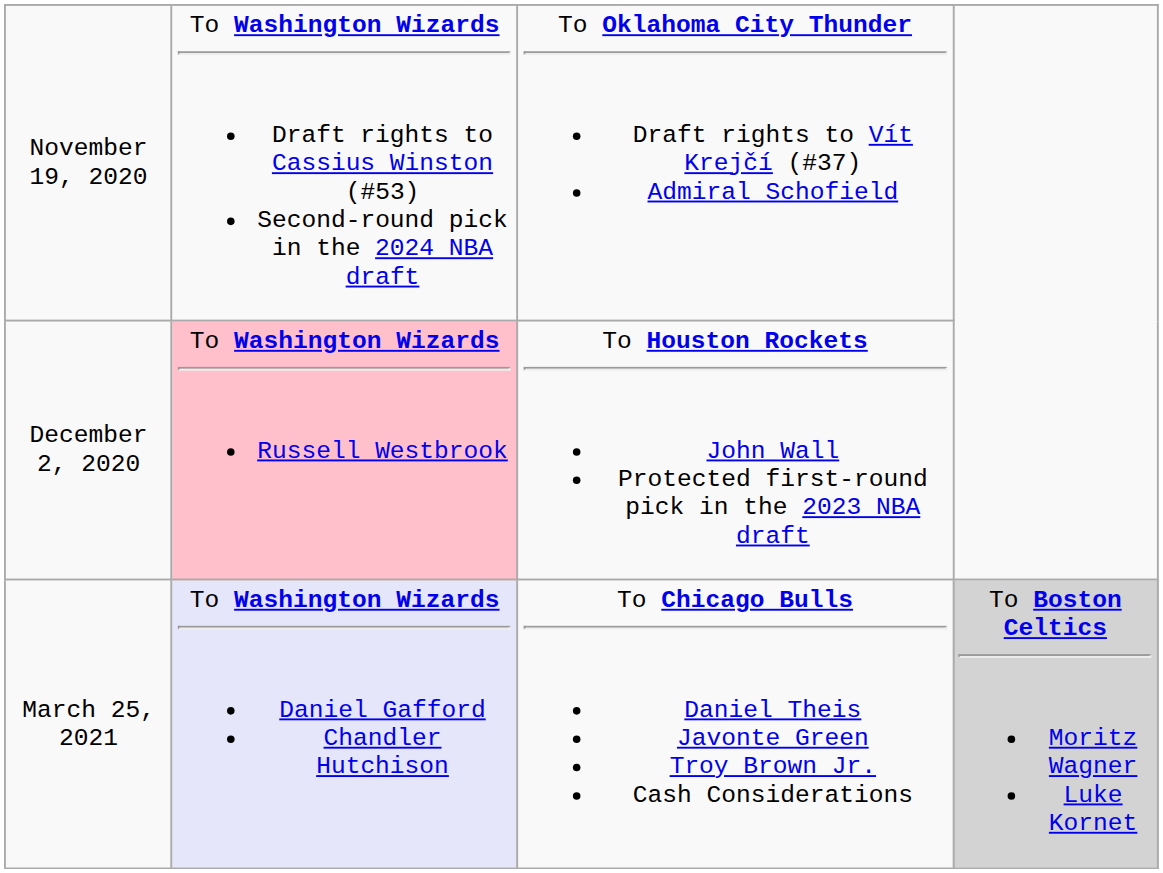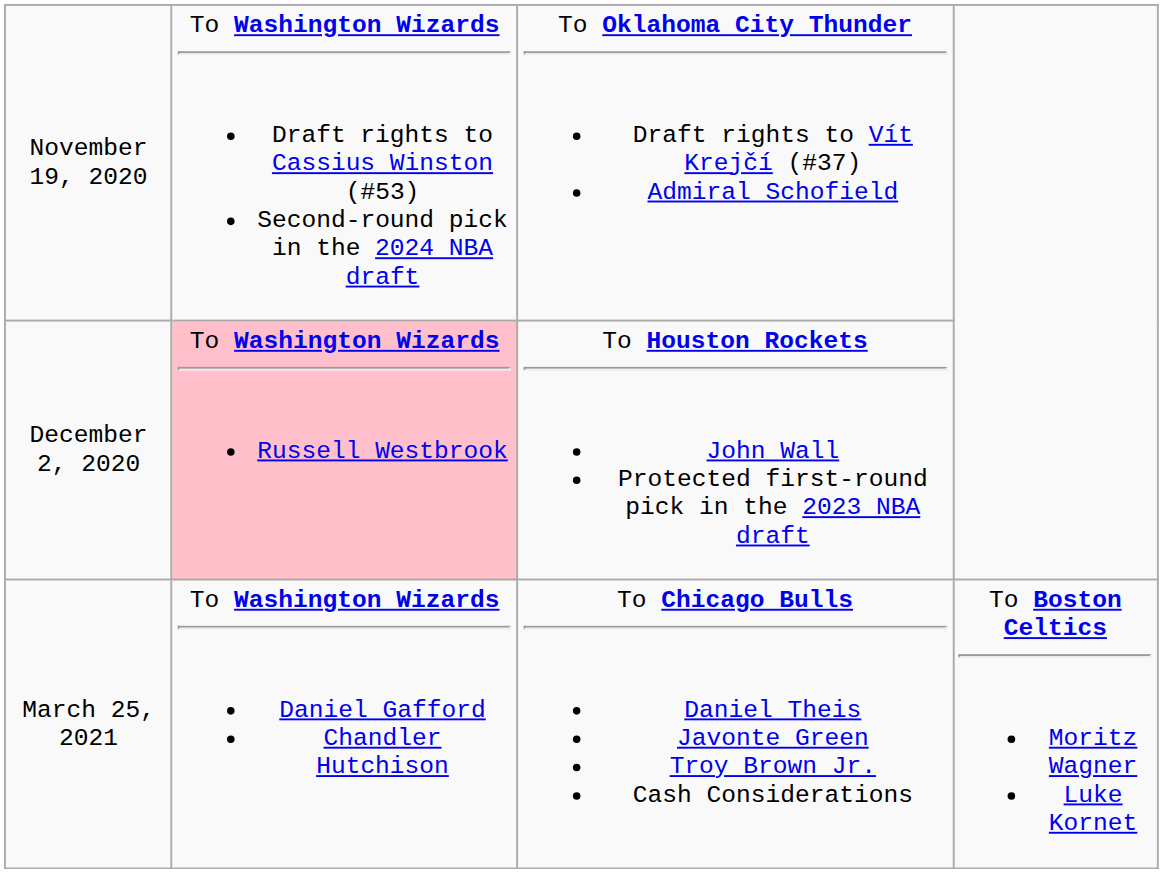 <table class="wikitable" style="text-align:center" border="1" cellpadding="5">
 <tr>
 <td>November 19, 2020</td>
 <td style="vertical-align:top;">To <strong><a href='#'>Washington Wizards</a></strong><hr><br><ul><li>Draft rights to <a href='#'>Cassius Winston</a> (#53)</li><li>Second-round pick in the <a href='#'>2024 NBA draft</a></li></ul></td>
 <td style="vertical-align:top;">To <strong><a href='#'>Oklahoma City Thunder</a></strong><hr><br><ul><li>Draft rights to <a href='#'>Vít Krejčí</a> (#37)</li><li><a href='#'>Admiral Schofield</a></li></ul></td>
 </tr>
 <tr>
 <td>December 2, 2020</td>
 <td style="background: pink; vertical-align:top;">To <strong><a href='#'>Washington Wizards</a></strong><hr><br><ul><li><a href='#'>Russell Westbrook</a></li></ul></td>
 <td style="vertical-align:top;">To <strong><a href='#'>Houston Rockets</a></strong><hr><br><ul><li><a href='#'>John Wall</a></li><li>Protected first-round pick in the <a href='#'>2023 NBA draft</a></li></ul></td>
 </tr>
 <tr>
 <td>March 25, 2021</td>
-<td style="background: lavender; vertical-align:top;">To <strong><a href='#'>Washington Wizards</a></strong><hr><br><ul><li><a href='#'>Daniel Gafford</a></li><li><a href='#'>Chandler Hutchison</a></li></ul></td>
+<td style="vertical-align:top;">To <strong><a href='#'>Washington Wizards</a></strong><hr><br><ul><li><a href='#'>Daniel Gafford</a></li><li><a href='#'>Chandler Hutchison</a></li></ul></td>
 <td style="vertical-align:top;">To <strong><a href='#'>Chicago Bulls</a></strong><hr><br><ul><li><a href='#'>Daniel Theis</a></li><li><a href='#'>Javonte Green</a></li><li><a href='#'>Troy Brown Jr.</a></li><li>Cash Considerations</li></ul></td>
-<td style="background: lightgrey; vertical-align:top;">To <strong><a href='#'>Boston Celtics</a></strong><hr><br><ul><li><a href='#'>Moritz Wagner</a></li><li><a href='#'>Luke Kornet</a></li></ul></td>
+<td style="vertical-align:top;">To <strong><a href='#'>Boston Celtics</a></strong><hr><br><ul><li><a href='#'>Moritz Wagner</a></li><li><a href='#'>Luke Kornet</a></li></ul></td>
 </tr>
 <tr>
 </tr>
 </table>
